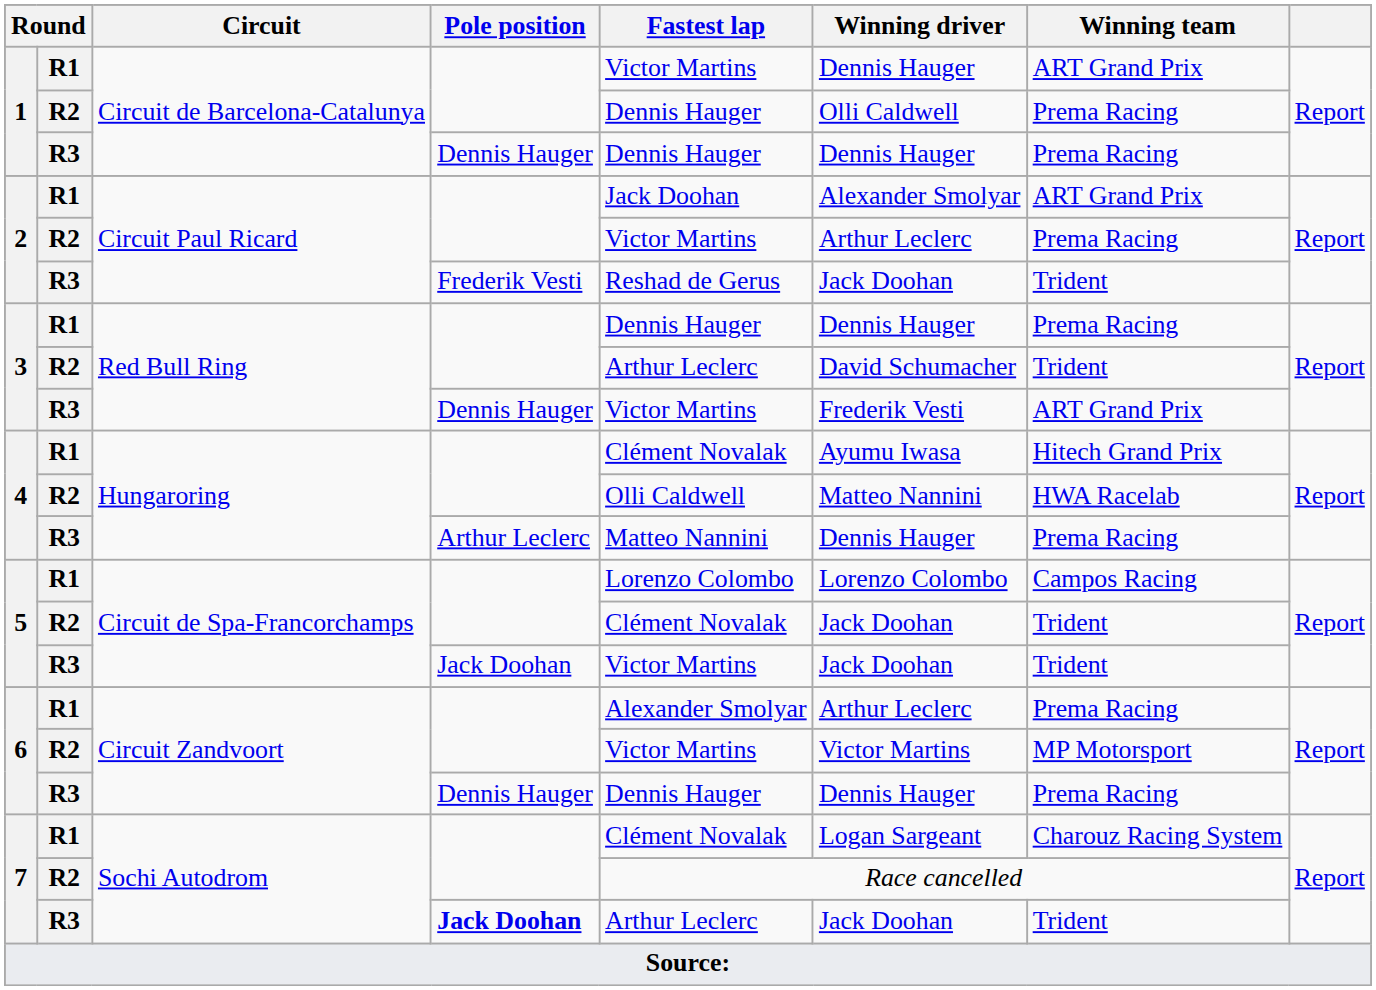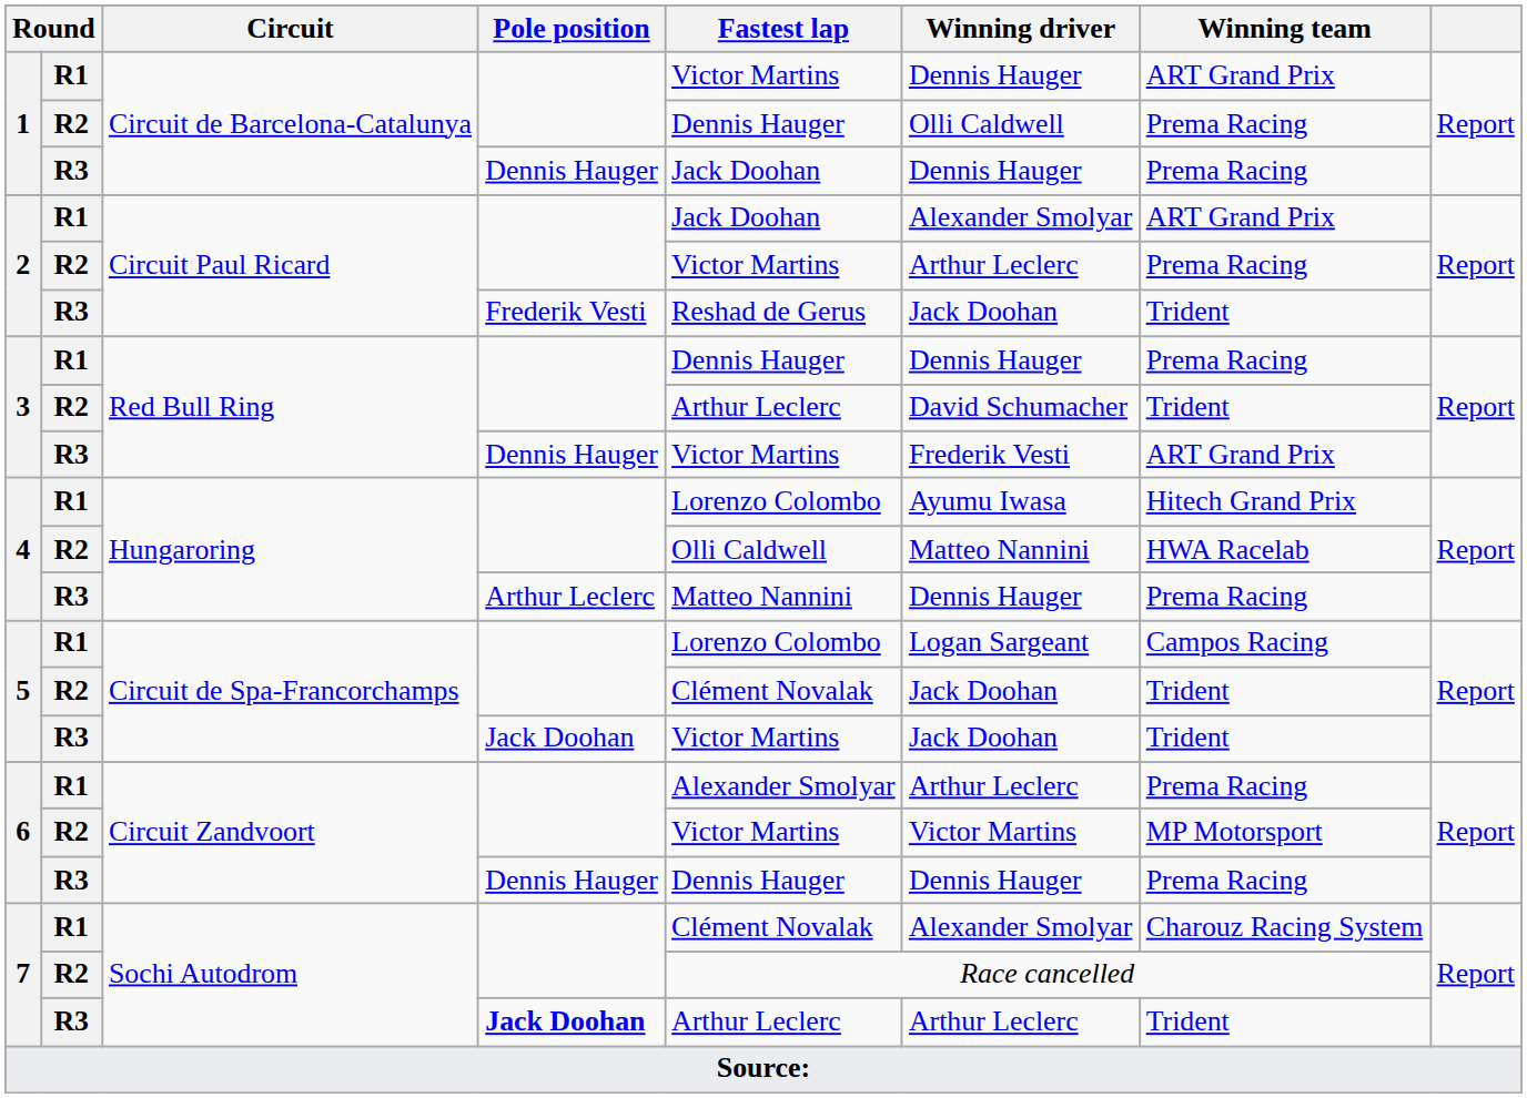 <table class="wikitable" style="font-size: 85%;">
 <tr>
 <th colspan=2>Round</th>
 <th>Circuit</th>
 <th nowrap><a href='#'>Pole position</a></th>
 <th nowrap><a href='#'>Fastest lap</a></th>
 <th nowrap>Winning driver</th>
 <th nowrap>Winning team</th>
 <th nowrap></th>
 </tr>
 <tr>
 <th rowspan=3>1</th>
 <th>R1</th>
 <td rowspan=3 nowrap> <a href='#'>Circuit de Barcelona-Catalunya</a></td>
 <td rowspan="2"></td>
 <td> <a href='#'>Victor Martins</a></td>
 <td> <a href='#'>Dennis Hauger</a></td>
 <td> <a href='#'>ART Grand Prix</a></td>
 <td rowspan=3><a href='#'>Report</a></td>
 </tr>
 <tr>
 <th>R2</th>
 <td> <a href='#'>Dennis Hauger</a></td>
 <td> <a href='#'>Olli Caldwell</a></td>
 <td> <a href='#'>Prema Racing</a></td>
 </tr>
 <tr>
 <th>R3</th>
 <td nowrap> <a href='#'>Dennis Hauger</a></td>
-<td> <a href='#'>Dennis Hauger</a></td>
+<td> <a href='#'>Jack Doohan</a></td>
 <td> <a href='#'>Dennis Hauger</a></td>
 <td> <a href='#'>Prema Racing</a></td>
 </tr>
 <tr>
 <th rowspan=3>2</th>
 <th>R1</th>
 <td rowspan=3> <a href='#'>Circuit Paul Ricard</a></td>
 <td rowspan="2"></td>
 <td> <a href='#'>Jack Doohan</a></td>
 <td> <a href='#'>Alexander Smolyar</a></td>
 <td> <a href='#'>ART Grand Prix</a></td>
 <td rowspan=3><a href='#'>Report</a></td>
 </tr>
 <tr>
 <th>R2</th>
 <td> <a href='#'>Victor Martins</a></td>
 <td> <a href='#'>Arthur Leclerc</a></td>
 <td> <a href='#'>Prema Racing</a></td>
 </tr>
 <tr>
 <th>R3</th>
 <td nowrap> <a href='#'>Frederik Vesti</a></td>
 <td> <a href='#'>Reshad de Gerus</a></td>
 <td> <a href='#'>Jack Doohan</a></td>
 <td> <a href='#'>Trident</a></td>
 </tr>
 <tr>
 <th rowspan=3>3</th>
 <th>R1</th>
 <td rowspan=3> <a href='#'>Red Bull Ring</a></td>
 <td rowspan="2"></td>
 <td> <a href='#'>Dennis Hauger</a></td>
 <td> <a href='#'>Dennis Hauger</a></td>
 <td> <a href='#'>Prema Racing</a></td>
 <td rowspan=3><a href='#'>Report</a></td>
 </tr>
 <tr>
 <th>R2</th>
 <td> <a href='#'>Arthur Leclerc</a></td>
 <td nowrap> <a href='#'>David Schumacher</a></td>
 <td> <a href='#'>Trident</a></td>
 </tr>
 <tr>
 <th>R3</th>
 <td> <a href='#'>Dennis Hauger</a></td>
 <td> <a href='#'>Victor Martins</a></td>
 <td> <a href='#'>Frederik Vesti</a></td>
 <td nowrap> <a href='#'>ART Grand Prix</a></td>
 </tr>
 <tr>
 <th rowspan=3>4</th>
 <th>R1</th>
 <td rowspan=3> <a href='#'>Hungaroring</a></td>
 <td rowspan="2"></td>
-<td> <a href='#'>Clément Novalak</a></td>
+<td> <a href='#'>Lorenzo Colombo</a></td>
 <td> <a href='#'>Ayumu Iwasa</a></td>
 <td nowrap> <a href='#'>Hitech Grand Prix</a></td>
 <td rowspan=3><a href='#'>Report</a></td>
 </tr>
 <tr>
 <th>R2</th>
 <td> <a href='#'>Olli Caldwell</a></td>
 <td> <a href='#'>Matteo Nannini</a></td>
 <td> <a href='#'>HWA Racelab</a></td>
 </tr>
 <tr>
 <th>R3</th>
 <td> <a href='#'>Arthur Leclerc</a></td>
 <td> <a href='#'>Matteo Nannini</a></td>
 <td> <a href='#'>Dennis Hauger</a></td>
 <td nowrap> <a href='#'>Prema Racing</a></td>
 </tr>
 <tr>
 <th rowspan=3>5</th>
 <th>R1</th>
 <td rowspan=3> <a href='#'>Circuit de Spa-Francorchamps</a></td>
 <td rowspan="2"></td>
 <td> <a href='#'>Lorenzo Colombo</a></td>
-<td> <a href='#'>Lorenzo Colombo</a></td>
+<td> <a href='#'>Logan Sargeant</a></td>
 <td> <a href='#'>Campos Racing</a></td>
 <td rowspan=3><a href='#'>Report</a></td>
 </tr>
 <tr>
 <th>R2</th>
 <td> <a href='#'>Clément Novalak</a></td>
 <td> <a href='#'>Jack Doohan</a></td>
 <td> <a href='#'>Trident</a></td>
 </tr>
 <tr>
 <th>R3</th>
 <td> <a href='#'>Jack Doohan</a></td>
 <td> <a href='#'>Victor Martins</a></td>
 <td> <a href='#'>Jack Doohan</a></td>
 <td nowrap> <a href='#'>Trident</a></td>
 </tr>
 <tr>
 <th rowspan=3>6</th>
 <th>R1</th>
 <td rowspan=3 nowrap> <a href='#'>Circuit Zandvoort</a></td>
 <td rowspan="2"></td>
 <td> <a href='#'>Alexander Smolyar</a></td>
 <td> <a href='#'>Arthur Leclerc</a></td>
 <td> <a href='#'>Prema Racing</a></td>
 <td rowspan=3><a href='#'>Report</a></td>
 </tr>
 <tr>
 <th>R2</th>
 <td nowrap> <a href='#'>Victor Martins</a></td>
 <td> <a href='#'>Victor Martins</a></td>
 <td> <a href='#'>MP Motorsport</a></td>
 </tr>
 <tr>
 <th>R3</th>
 <td> <a href='#'>Dennis Hauger</a></td>
 <td> <a href='#'>Dennis Hauger</a></td>
 <td> <a href='#'>Dennis Hauger</a></td>
 <td nowrap> <a href='#'>Prema Racing</a></td>
 </tr>
 <tr>
 <th rowspan=3>7</th>
 <th>R1</th>
 <td rowspan=3> <a href='#'>Sochi Autodrom</a></td>
 <td rowspan="2"></td>
 <td> <a href='#'>Clément Novalak</a></td>
-<td> <a href='#'>Logan Sargeant</a></td>
+<td> <a href='#'>Alexander Smolyar</a></td>
 <td nowrap> <a href='#'>Charouz Racing System</a></td>
 <td rowspan=3><a href='#'>Report</a></td>
 </tr>
 <tr>
 <th>R2</th>
 <td colspan="3" align="center"><em>Race cancelled</em></td>
 </tr>
 <tr>
 <th>R3</th>
 <td><strong> <a href='#'>Jack Doohan</a></strong></td>
 <td> <a href='#'>Arthur Leclerc</a></td>
-<td> <a href='#'>Jack Doohan</a></td>
+<td> <a href='#'>Arthur Leclerc</a></td>
 <td nowrap> <a href='#'>Trident</a></td>
 </tr>
 <tr>
 <td colspan="8" style="background-color:#EAECF0;text-align:center" align="bottom"><strong>Source:</strong></td>
 </tr>
 </table>
